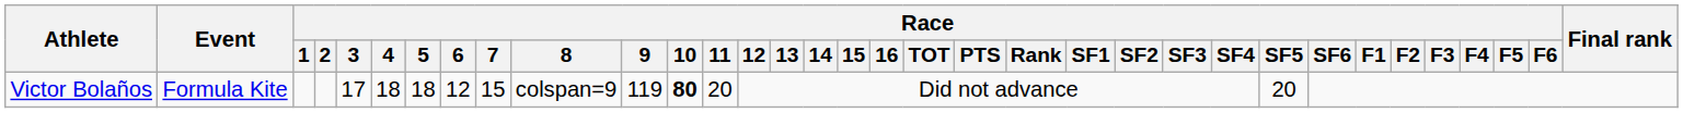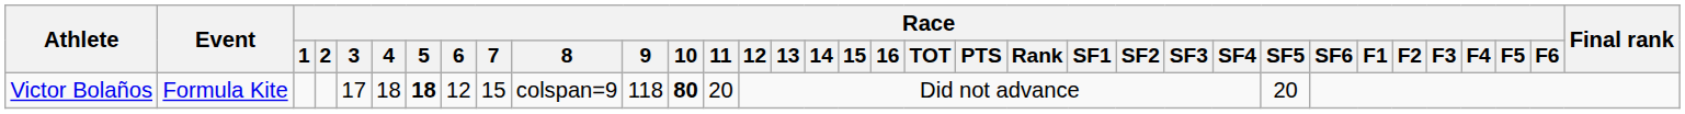 <table class="wikitable" style="font-size:90%">
 <tr>
 <th rowspan="2">Athlete</th>
 <th rowspan="2">Event</th>
 <th colspan="31">Race</th>
 <th rowspan="2">Final rank</th>
 </tr>
 <tr style="font-size:95%">
 <th>1</th>
 <th>2</th>
 <th>3</th>
 <th>4</th>
 <th>5</th>
 <th>6</th>
 <th>7</th>
 <th>8</th>
 <th>9</th>
 <th>10</th>
 <th>11</th>
 <th>12</th>
 <th>13</th>
 <th>14</th>
 <th>15</th>
 <th>16</th>
 <th>TOT</th>
 <th>PTS</th>
 <th>Rank</th>
 <th>SF1</th>
 <th>SF2</th>
 <th>SF3</th>
 <th>SF4</th>
 <th>SF5</th>
 <th>SF6</th>
 <th>F1</th>
 <th>F2</th>
 <th>F3</th>
 <th>F4</th>
 <th>F5</th>
 <th>F6</th>
 </tr>
 <tr align=center>
 <td align=left><a href='#'>Victor Bolaños</a></td>
 <td align=left><a href='#'>Formula Kite</a></td>
 <td></td>
 <td></td>
 <td>17</td>
 <td>18</td>
-<td>18</td>
+<td><strong>18</strong></td>
 <td>12</td>
 <td>15</td>
 <td>colspan=9 </td>
-<td>119</td>
+<td>118</td>
 <td><strong>80</strong></td>
 <td>20</td>
 <td colspan=12>Did not advance</td>
 <td>20</td>
 </tr>
 </table>
